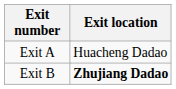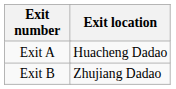 <table class="wikitable">
 <tr>
 <th style="width:70px" colspan="2">Exit number</th>
 <th>Exit location</th>
 </tr>
 <tr>
 <td align="center" colspan="2">Exit A</td>
 <td>Huacheng Dadao</td>
 </tr>
 <tr>
 <td align="center" colspan="2">Exit B</td>
-<td><strong>Zhujiang Dadao</strong></td>
+<td>Zhujiang Dadao</td>
 </tr>
 </table>
